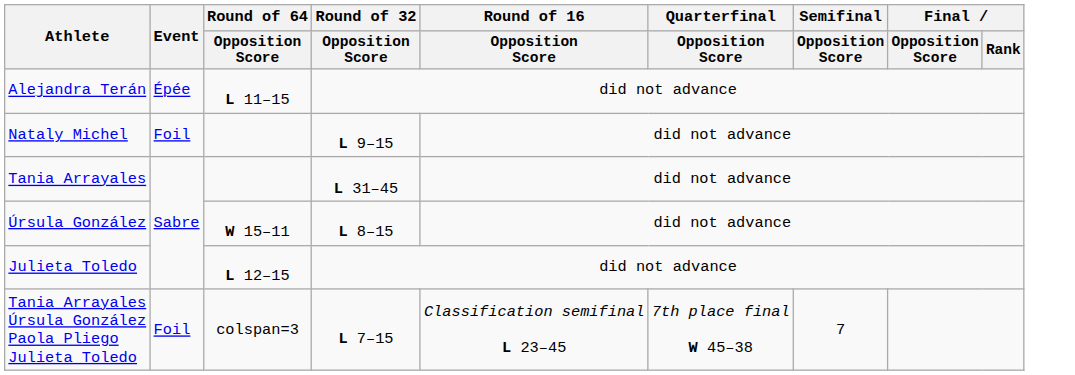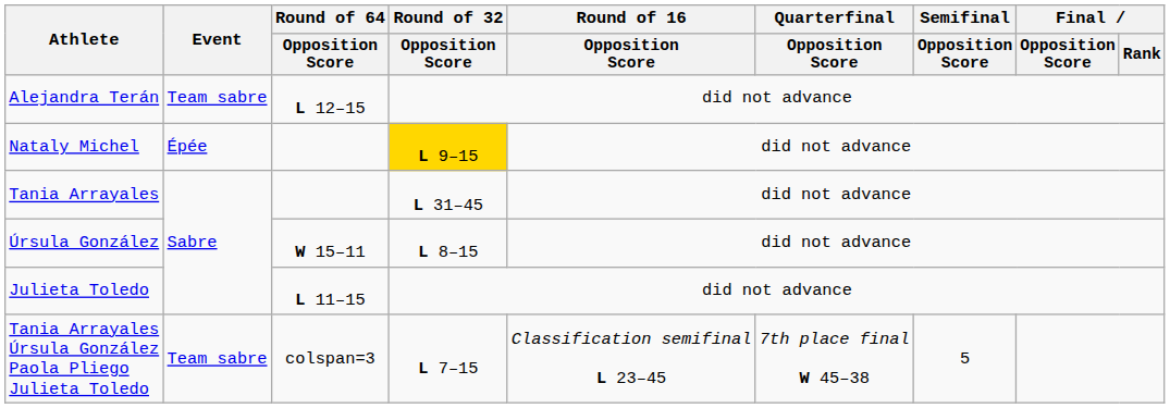 <table class="wikitable" style="font-size:90%">
 <tr>
 <th rowspan="2">Athlete</th>
 <th rowspan="2">Event</th>
 <th>Round of 64</th>
 <th>Round of 32</th>
 <th>Round of 16</th>
 <th>Quarterfinal</th>
 <th>Semifinal</th>
 <th colspan=2>Final / </th>
 </tr>
 <tr style="font-size:95%">
 <th>Opposition <br> Score</th>
 <th>Opposition <br> Score</th>
 <th>Opposition <br> Score</th>
 <th>Opposition <br> Score</th>
 <th>Opposition <br> Score</th>
 <th>Opposition <br> Score</th>
 <th>Rank</th>
 </tr>
 <tr align=center>
 <td align=left><a href='#'>Alejandra Terán</a></td>
-<td align=left><a href='#'>Épée</a></td>
-<td><br><strong>L</strong> 11–15</td>
+<td align=left><a href='#'>Team sabre</a></td>
+<td><br><strong>L</strong> 12–15</td>
 <td colspan=6>did not advance</td>
 </tr>
 <tr align=center>
 <td align=left><a href='#'>Nataly Michel</a></td>
-<td align=left><a href='#'>Foil</a></td>
+<td align=left><a href='#'>Épée</a></td>
 <td></td>
-<td><br><strong>L</strong> 9–15</td>
+<td style="background: gold;"><br><strong>L</strong> 9–15</td>
 <td colspan=5>did not advance</td>
 </tr>
 <tr align=center>
 <td align=left><a href='#'>Tania Arrayales</a></td>
 <td align=left rowspan=3><a href='#'>Sabre</a></td>
 <td></td>
 <td><br><strong>L</strong> 31–45</td>
 <td colspan=5>did not advance</td>
 </tr>
 <tr align=center>
 <td align=left><a href='#'>Úrsula González</a></td>
 <td><br><strong>W</strong> 15–11</td>
 <td><br><strong>L</strong> 8–15</td>
 <td colspan=5>did not advance</td>
 </tr>
 <tr align=center>
 <td align=left><a href='#'>Julieta Toledo</a></td>
-<td><br><strong>L</strong> 12–15</td>
+<td><br><strong>L</strong> 11–15</td>
 <td colspan=6>did not advance</td>
 </tr>
 <tr align=center>
 <td align=left><a href='#'>Tania Arrayales</a><br><a href='#'>Úrsula González</a><br><a href='#'>Paola Pliego</a><br><a href='#'>Julieta Toledo</a></td>
-<td align=left><a href='#'>Foil</a></td>
+<td align=left><a href='#'>Team sabre</a></td>
 <td>colspan=3 </td>
 <td><br><strong>L</strong> 7–15</td>
 <td><em>Classification semifinal</em><br><br><strong>L</strong> 23–45</td>
 <td><em>7th place final</em><br><br><strong>W</strong> 45–38</td>
-<td>7</td>
+<td>5</td>
 </tr>
 </table>
